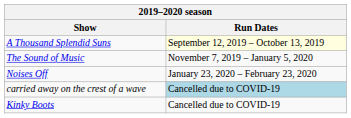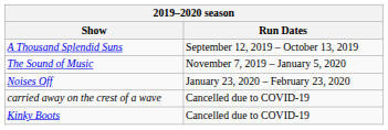 <table class="wikitable collapsible" width=90%>
 <tr>
 <th colspan=4>2019–2020 season</th>
 </tr>
 <tr>
 <th>Show</th>
 <th>Run Dates</th>
 </tr>
 <tr>
 <td><em><a href='#'>A Thousand Splendid Suns</a></em></td>
-<td style="background: lightyellow;">September 12, 2019 – October 13, 2019</td>
+<td>September 12, 2019 – October 13, 2019</td>
 </tr>
 <tr>
 <td><em><a href='#'>The Sound of Music</a></em></td>
 <td>November 7, 2019 – January 5, 2020</td>
 </tr>
 <tr>
 <td><em><a href='#'>Noises Off</a></em></td>
 <td>January 23, 2020 – February 23, 2020</td>
 </tr>
 <tr>
 <td><em>carried away on the crest of a wave</em></td>
-<td style="background: lightblue;">Cancelled due to COVID-19</td>
+<td>Cancelled due to COVID-19</td>
 </tr>
 <tr>
 <td><em><a href='#'>Kinky Boots</a></em></td>
 <td>Cancelled due to COVID-19</td>
 </tr>
 </table>
